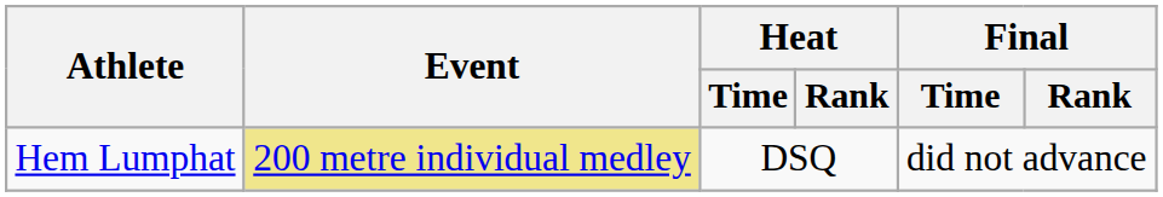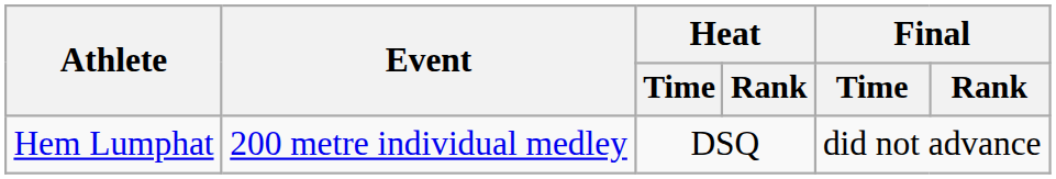 <table class=wikitable style="font-size:90%">
 <tr>
 <th rowspan="2">Athlete</th>
 <th rowspan="2">Event</th>
 <th colspan="2">Heat</th>
 <th colspan="2">Final</th>
 </tr>
 <tr style="font-size:95%">
 <th>Time</th>
 <th>Rank</th>
 <th>Time</th>
 <th>Rank</th>
 </tr>
 <tr align=center>
 <td align=left><a href='#'>Hem Lumphat</a></td>
-<td align=left style="background: khaki;"><a href='#'>200 metre individual medley</a></td>
+<td align=left><a href='#'>200 metre individual medley</a></td>
 <td colspan=2>DSQ</td>
 <td colspan=2>did not advance</td>
 </tr>
 </table>
